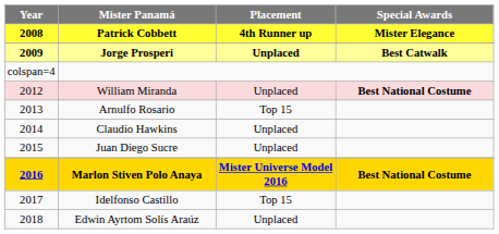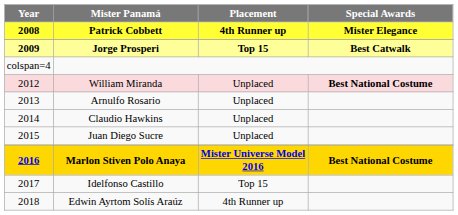 <table class="wikitable sortable" style="font-size: 95%; text-align:center">
 <tr>
 <th width="20" style="background-color:#787878;color:#FFFFFF;">Year</th>
 <th width="200" style="background-color:#787878;color:#FFFFFF;">Mister Panamá</th>
 <th width="150" style="background-color:#787878;color:#FFFFFF;">Placement</th>
 <th width="200" style="background-color:#787878;color:#FFFFFF;">Special Awards</th>
 </tr>
 <tr style="background-color:#FFFF33; font-weight: bold">
 <td>2008</td>
 <td>Patrick Cobbett</td>
 <td>4th Runner up</td>
 <td>Mister Elegance</td>
 </tr>
 <tr>
 </tr>
 <tr style="background-color:#FFFF99; font-weight: bold">
 <td>2009</td>
 <td>Jorge Prosperi</td>
-<td>Unplaced</td>
+<td>Top 15</td>
 <td>Best Catwalk</td>
 </tr>
 <tr>
 <td>colspan=4 </td>
 </tr>
 <tr style="background-color:#FADADD;">
 <td>2012</td>
 <td>William Miranda</td>
 <td>Unplaced</td>
 <td><strong>Best National Costume</strong></td>
 </tr>
 <tr>
 <td>2013</td>
 <td>Arnulfo Rosario</td>
-<td>Top 15</td>
+<td>Unplaced</td>
 <td></td>
 </tr>
 <tr>
 <td>2014</td>
 <td>Claudio Hawkins</td>
 <td>Unplaced</td>
 <td></td>
 </tr>
 <tr>
 <td>2015</td>
 <td>Juan Diego Sucre</td>
 <td>Unplaced</td>
 <td></td>
 </tr>
 <tr>
 </tr>
 <tr style="background-color:gold;">
 <td><strong><a href='#'>2016</a></strong></td>
 <td><strong>Marlon Stiven Polo Anaya</strong></td>
 <td><strong><a href='#'>Mister Universe Model 2016</a></strong></td>
 <td><strong>Best National Costume</strong></td>
 </tr>
 <tr>
 <td>2017</td>
 <td>Idelfonso Castillo</td>
 <td>Top 15</td>
 <td></td>
 </tr>
 <tr>
 <td>2018</td>
 <td>Edwin Ayrtom Solís Araúz</td>
-<td>Unplaced</td>
+<td>4th Runner up</td>
 <td></td>
 </tr>
 </table>
